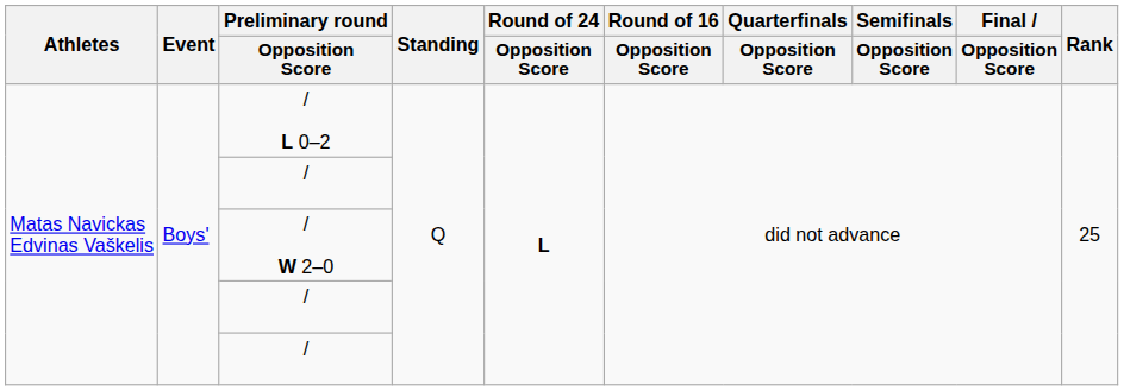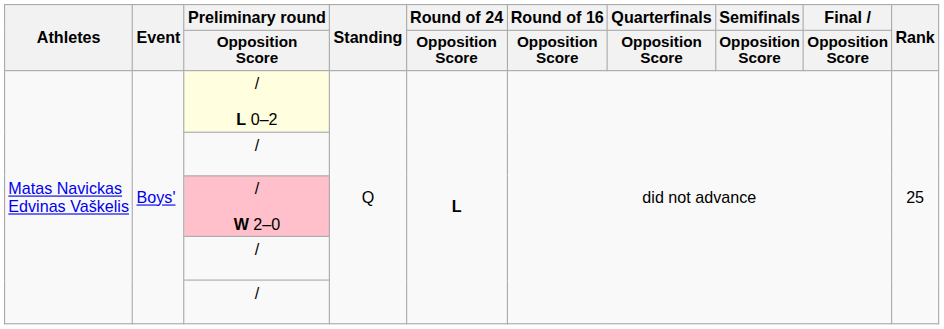 <table class=wikitable style="font-size:90%">
 <tr>
 <th rowspan="2">Athletes</th>
 <th rowspan="2">Event</th>
 <th>Preliminary round</th>
 <th rowspan="2">Standing</th>
 <th>Round of 24</th>
 <th>Round of 16</th>
 <th>Quarterfinals</th>
 <th>Semifinals</th>
 <th>Final / </th>
 <th rowspan=2>Rank</th>
 </tr>
 <tr style="font-size:95%">
 <th>Opposition<br>Score</th>
 <th>Opposition<br>Score</th>
 <th>Opposition<br>Score</th>
 <th>Opposition<br>Score</th>
 <th>Opposition<br>Score</th>
 <th>Opposition<br>Score</th>
 </tr>
 <tr align=center>
 <td align=left rowspan=5><a href='#'>Matas Navickas</a><br><a href='#'>Edvinas Vaškelis</a></td>
 <td align=left rowspan=5><a href='#'>Boys'</a></td>
-<td>/<br><br><strong>L</strong> 0–2</td>
+<td style="background: lightyellow;">/<br><br><strong>L</strong> 0–2</td>
 <td rowspan=5>Q</td>
 <td rowspan=5><br><strong>L</strong></td>
 <td rowspan=5 colspan=4>did not advance</td>
 <td rowspan=5>25</td>
 </tr>
 <tr align=center>
 <td>/<br><br></td>
 </tr>
 <tr align=center>
-<td>/<br><br><strong>W</strong> 2–0</td>
+<td style="background: pink;">/<br><br><strong>W</strong> 2–0</td>
 </tr>
 <tr align=center>
 <td>/<br><br></td>
 </tr>
 <tr align=center>
 <td>/<br><br></td>
 </tr>
 </table>
